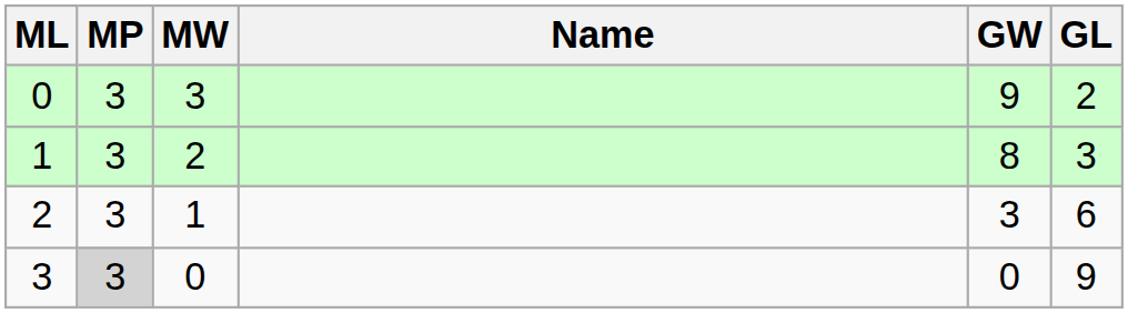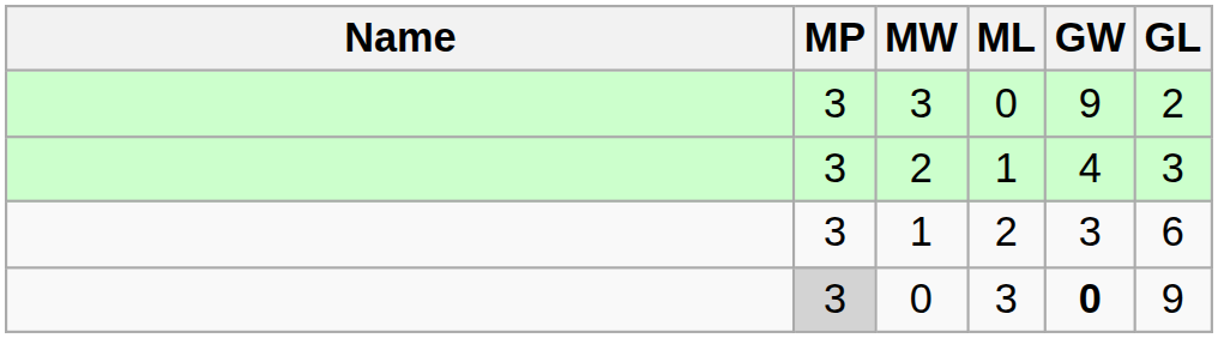 <table class=wikitable style="text-align:center">
 <tr>
-<th width=20>ML</th>
+<th width=300>Name</th>
 <th width=20>MP</th>
 <th width=20>MW</th>
-<th width=300>Name</th>
+<th width=20>ML</th>
 <th width=20>GW</th>
 <th width=20>GL</th>
 </tr>
 <tr style="background-color:#ccffcc;">
-<td>0</td>
+<td style="text-align:left;"><strong></strong></td>
 <td>3</td>
 <td>3</td>
-<td style="text-align:left;"><strong></strong></td>
+<td>0</td>
 <td>9</td>
 <td>2</td>
 </tr>
 <tr style="background-color:#ccffcc;">
-<td>1</td>
+<td style="text-align:left;"><strong></strong></td>
 <td>3</td>
 <td>2</td>
-<td style="text-align:left;"><strong></strong></td>
-<td>8</td>
+<td>1</td>
+<td>4</td>
 <td>3</td>
 </tr>
 <tr>
-<td>2</td>
+<td style="text-align:left;"></td>
 <td>3</td>
 <td>1</td>
-<td style="text-align:left;"></td>
+<td>2</td>
 <td>3</td>
 <td>6</td>
 </tr>
 <tr>
-<td>3</td>
+<td style="text-align:left;"></td>
 <td style="background: lightgrey;">3</td>
 <td>0</td>
-<td style="text-align:left;"></td>
-<td>0</td>
+<td>3</td>
+<td><strong>0</strong></td>
 <td>9</td>
 </tr>
 </table>
